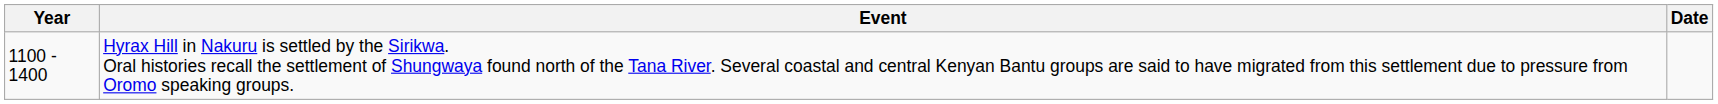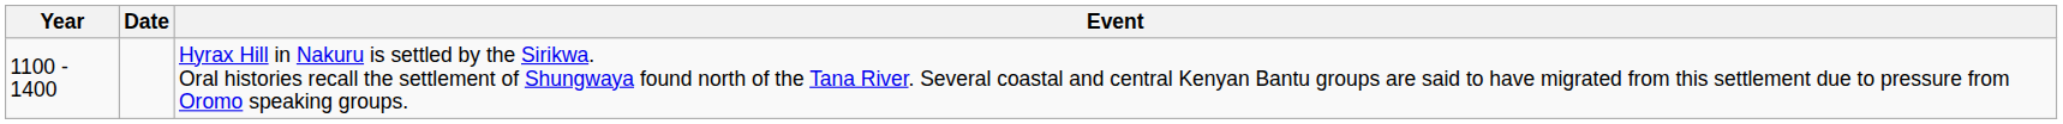 <table class="wikitable">
 <tr>
 <th>Year</th>
+<th>Date</th>
 <th>Event</th>
-<th>Date</th>
 </tr>
 <tr>
 <td>1100 - 1400</td>
+<td></td>
 <td><a href='#'>Hyrax Hill</a> in <a href='#'>Nakuru</a> is settled by the <a href='#'>Sirikwa</a>.<br>Oral histories recall the settlement of <a href='#'>Shungwaya</a> found north of the <a href='#'>Tana River</a>. Several coastal and central Kenyan Bantu groups are said to have migrated from this settlement due to pressure from <a href='#'>Oromo</a> speaking groups.</td>
-<td></td>
 </tr>
 </table>
